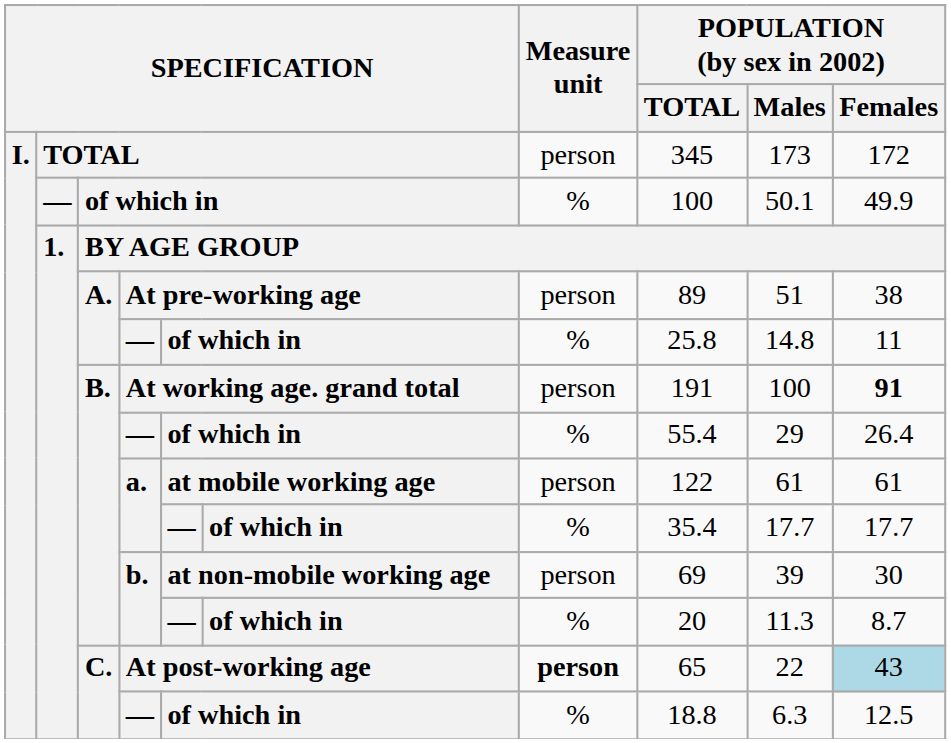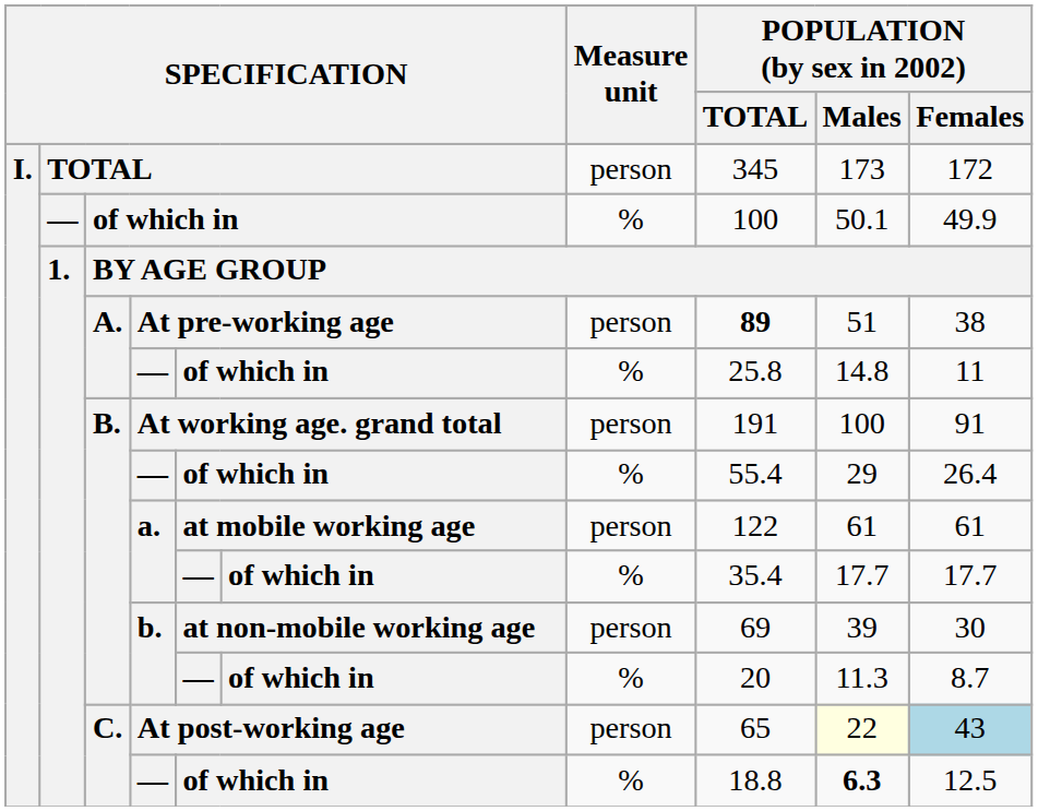 <table class="wikitable" style="font-size:85%; text-align:center">
 <tr>
 <th rowspan="2" colspan="6">SPECIFICATION</th>
 <th rowspan="2">Measure<br> unit</th>
 <th colspan="3" rowspan="1">POPULATION<br> (by sex in 2002)</th>
 </tr>
 <tr>
 <th>TOTAL</th>
 <th>Males</th>
 <th>Females</th>
 </tr>
 <tr>
 <th style="text-align:left" valign="top" rowspan="13">I.</th>
 <th style="text-align:left" colspan="5">TOTAL</th>
 <td>person</td>
 <td>345</td>
 <td>173</td>
 <td>172</td>
 </tr>
 <tr>
 <th style="text-align:left" valign="top">—</th>
 <th style="text-align:left" colspan="4">of which in</th>
 <td>%</td>
 <td>100</td>
 <td>50.1</td>
 <td>49.9</td>
 </tr>
 <tr>
 <th style="text-align:left" valign="top" rowspan="11">1.</th>
 <th style="text-align:left" colspan="19">BY AGE GROUP</th>
 </tr>
 <tr>
 <th style="text-align:left" valign="top" rowspan="2">A.</th>
 <th style="text-align:left" colspan="3">At pre-working age</th>
 <td>person</td>
-<td>89</td>
+<td><strong>89</strong></td>
 <td>51</td>
 <td>38</td>
 </tr>
 <tr>
 <th style="text-align:left" valign="top">—</th>
 <th style="text-align:left" valign="top" colspan="2">of which in</th>
 <td>%</td>
 <td>25.8</td>
 <td>14.8</td>
 <td>11</td>
 </tr>
 <tr>
 <th style="text-align:left" valign="top" rowspan="6">B.</th>
 <th style="text-align:left" colspan="3">At working age. grand total</th>
 <td>person</td>
 <td>191</td>
 <td>100</td>
-<td><strong>91</strong></td>
+<td>91</td>
 </tr>
 <tr>
 <th style="text-align:left" valign="top">—</th>
 <th style="text-align:left" valign="top" colspan="2">of which in</th>
 <td>%</td>
 <td>55.4</td>
 <td>29</td>
 <td>26.4</td>
 </tr>
 <tr>
 <th style="text-align:left" valign="top" rowspan="2">a.</th>
 <th style="text-align:left" colspan="2">at mobile working age</th>
 <td>person</td>
 <td>122</td>
 <td>61</td>
 <td>61</td>
 </tr>
 <tr>
 <th style="text-align:left" valign="top">—</th>
 <th style="text-align:left" valign="top" colspan="1">of which in                        </th>
 <td>%</td>
 <td>35.4</td>
 <td>17.7</td>
 <td>17.7</td>
 </tr>
 <tr>
 <th style="text-align:left" valign="top" rowspan="2">b.</th>
 <th style="text-align:left" colspan="2">at non-mobile working age</th>
 <td>person</td>
 <td>69</td>
 <td>39</td>
 <td>30</td>
 </tr>
 <tr>
 <th style="text-align:left" valign="top">—</th>
 <th style="text-align:left" valign="top" colspan="1">of which in                        </th>
 <td>%</td>
 <td>20</td>
 <td>11.3</td>
 <td>8.7</td>
 </tr>
 <tr>
 <th style="text-align:left" valign="top" rowspan="2">C.</th>
 <th style="text-align:left" colspan="3">At post-working age</th>
-<td><strong>person</strong></td>
+<td>person</td>
 <td>65</td>
-<td>22</td>
+<td style="background: lightyellow;">22</td>
 <td style="background: lightblue;">43</td>
 </tr>
 <tr>
 <th style="text-align:left" valign="top">—</th>
 <th style="text-align:left" valign="top" colspan="2">of which in</th>
 <td>%</td>
 <td>18.8</td>
-<td>6.3</td>
+<td><strong>6.3</strong></td>
 <td>12.5</td>
 </tr>
 </table>
